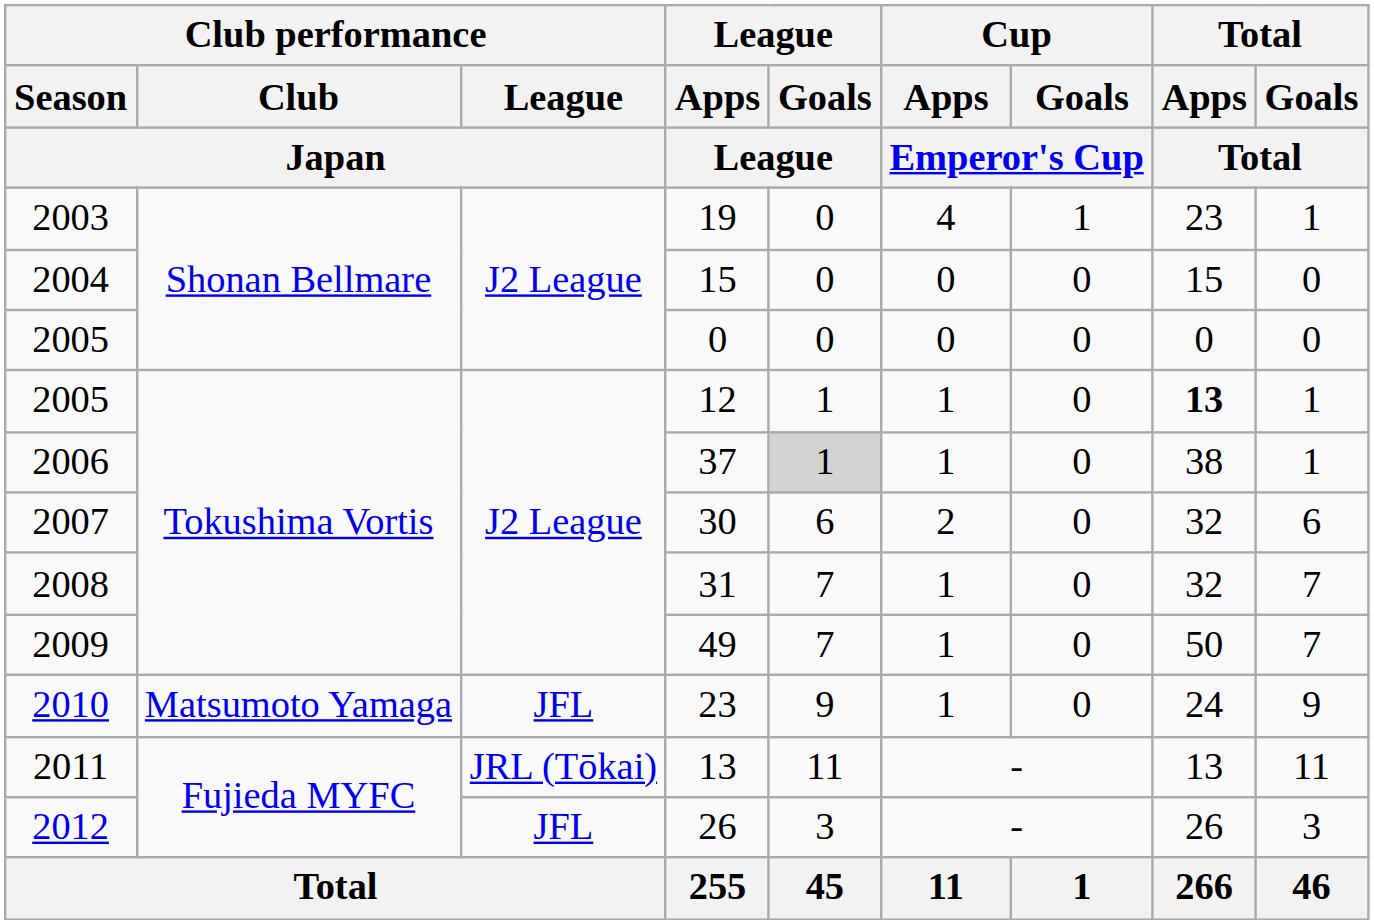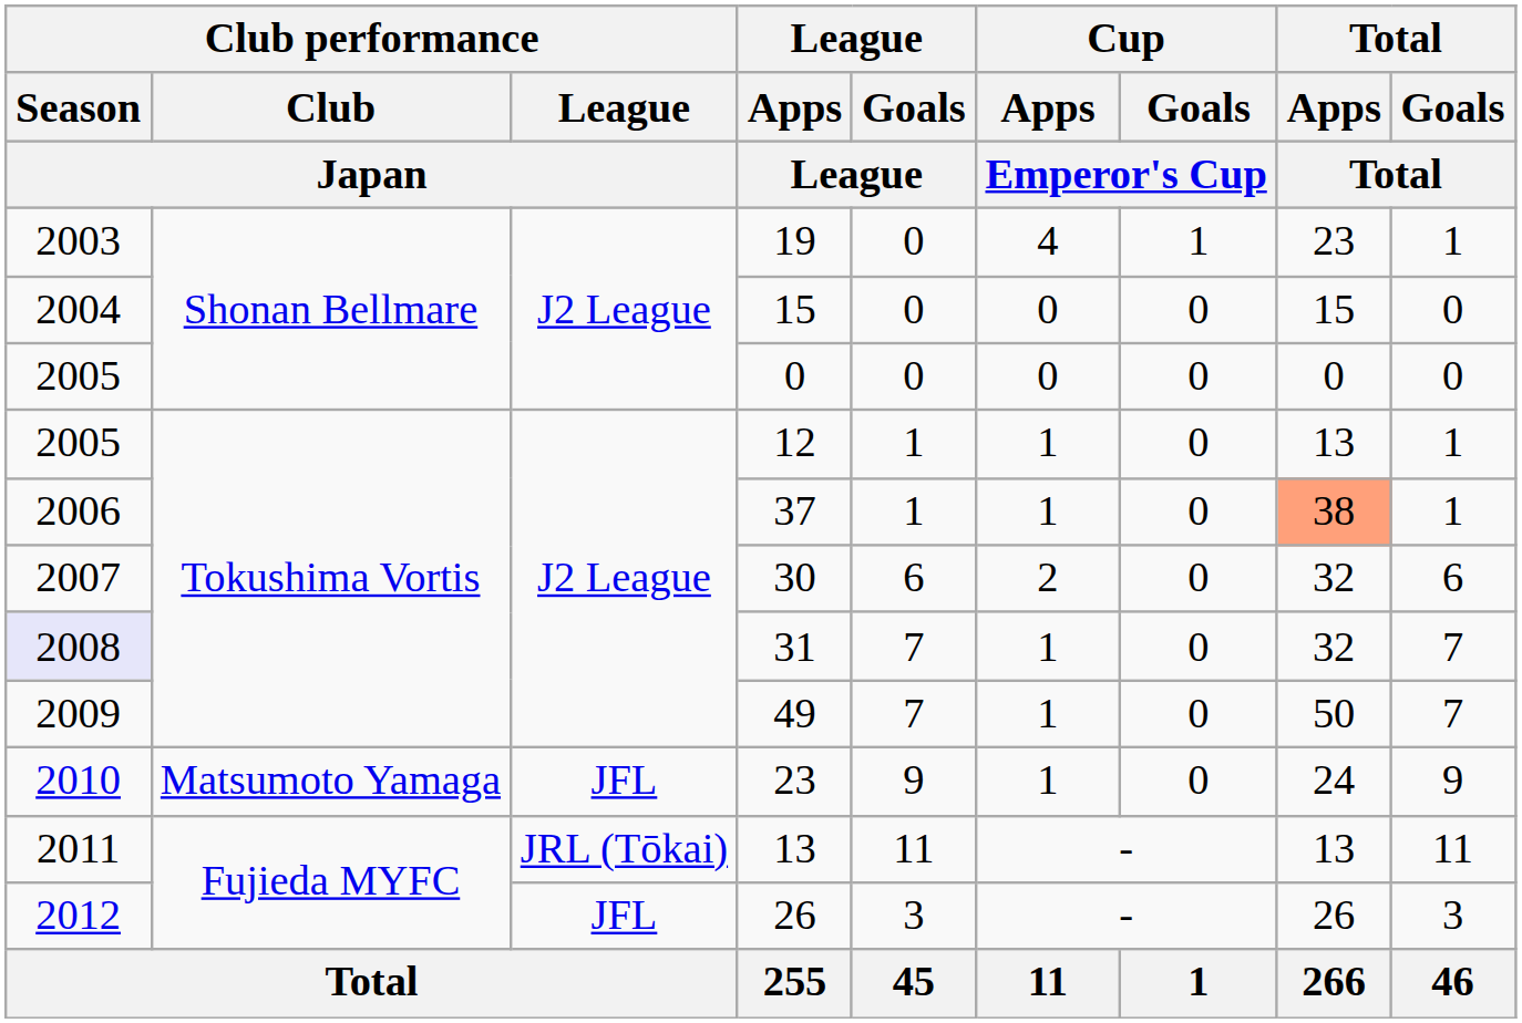 <table class="wikitable" style="text-align:center;">
 <tr>
 <th colspan=3>Club performance</th>
 <th colspan=2>League</th>
 <th colspan=2>Cup</th>
 <th colspan=2>Total</th>
 </tr>
 <tr>
 <th>Season</th>
 <th>Club</th>
 <th>League</th>
 <th>Apps</th>
 <th>Goals</th>
 <th>Apps</th>
 <th>Goals</th>
 <th>Apps</th>
 <th>Goals</th>
 </tr>
 <tr>
 <th colspan=3>Japan</th>
 <th colspan=2>League</th>
 <th colspan=2><a href='#'>Emperor's Cup</a></th>
 <th colspan=2>Total</th>
 </tr>
 <tr>
 <td>2003</td>
 <td rowspan="3"><a href='#'>Shonan Bellmare</a></td>
 <td rowspan="3"><a href='#'>J2 League</a></td>
 <td>19</td>
 <td>0</td>
 <td>4</td>
 <td>1</td>
 <td>23</td>
 <td>1</td>
 </tr>
 <tr>
 <td>2004</td>
 <td>15</td>
 <td>0</td>
 <td>0</td>
 <td>0</td>
 <td>15</td>
 <td>0</td>
 </tr>
 <tr>
 <td>2005</td>
 <td>0</td>
 <td>0</td>
 <td>0</td>
 <td>0</td>
 <td>0</td>
 <td>0</td>
 </tr>
 <tr>
 <td>2005</td>
 <td rowspan="5"><a href='#'>Tokushima Vortis</a></td>
 <td rowspan="5"><a href='#'>J2 League</a></td>
 <td>12</td>
 <td>1</td>
 <td>1</td>
 <td>0</td>
-<td><strong>13</strong></td>
+<td>13</td>
 <td>1</td>
 </tr>
 <tr>
 <td>2006</td>
 <td>37</td>
-<td style="background: lightgrey;">1</td>
+<td>1</td>
 <td>1</td>
 <td>0</td>
-<td>38</td>
+<td style="background: lightsalmon;">38</td>
 <td>1</td>
 </tr>
 <tr>
 <td>2007</td>
 <td>30</td>
 <td>6</td>
 <td>2</td>
 <td>0</td>
 <td>32</td>
 <td>6</td>
 </tr>
 <tr>
-<td>2008</td>
+<td style="background: lavender;">2008</td>
 <td>31</td>
 <td>7</td>
 <td>1</td>
 <td>0</td>
 <td>32</td>
 <td>7</td>
 </tr>
 <tr>
 <td>2009</td>
 <td>49</td>
 <td>7</td>
 <td>1</td>
 <td>0</td>
 <td>50</td>
 <td>7</td>
 </tr>
 <tr>
 <td><a href='#'>2010</a></td>
 <td><a href='#'>Matsumoto Yamaga</a></td>
 <td><a href='#'>JFL</a></td>
 <td>23</td>
 <td>9</td>
 <td>1</td>
 <td>0</td>
 <td>24</td>
 <td>9</td>
 </tr>
 <tr>
 <td>2011</td>
 <td rowspan="2"><a href='#'>Fujieda MYFC</a></td>
 <td><a href='#'>JRL (Tōkai)</a></td>
 <td>13</td>
 <td>11</td>
 <td colspan="2">-</td>
 <td>13</td>
 <td>11</td>
 </tr>
 <tr>
 <td><a href='#'>2012</a></td>
 <td><a href='#'>JFL</a></td>
 <td>26</td>
 <td>3</td>
 <td colspan="2">-</td>
 <td>26</td>
 <td>3</td>
 </tr>
 <tr>
 <th colspan=3>Total</th>
 <th>255</th>
 <th>45</th>
 <th>11</th>
 <th>1</th>
 <th>266</th>
 <th>46</th>
 </tr>
 </table>
